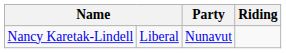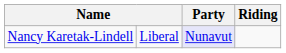 <table class="wikitable">
 <tr>
 <th colspan="2">Name</th>
 <th>Party</th>
 <th>Riding</th>
 </tr>
 <tr>
 <td><a href='#'>Nancy Karetak-Lindell</a></td>
 <td><a href='#'>Liberal</a></td>
-<td><a href='#'>Nunavut</a></td>
+<td style="background: lavender;"><a href='#'>Nunavut</a></td>
 </tr>
 </table>
